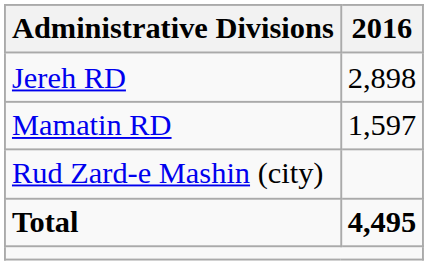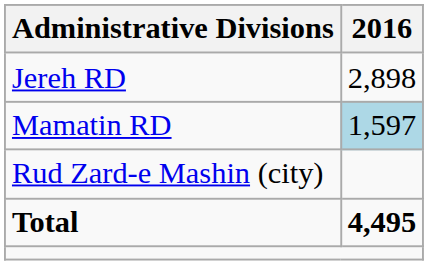 <table class="wikitable">
 <tr>
 <th>Administrative Divisions</th>
 <th>2016</th>
 </tr>
 <tr>
 <td><a href='#'>Jereh RD</a></td>
 <td style="text-align: right;">2,898</td>
 </tr>
 <tr>
 <td><a href='#'>Mamatin RD</a></td>
-<td style="text-align: right;">1,597</td>
+<td style="background: lightblue; text-align: right;">1,597</td>
 </tr>
 <tr>
 <td><a href='#'>Rud Zard-e Mashin</a> (city)</td>
 <td style="text-align: right;"></td>
 </tr>
 <tr>
 <td><strong>Total</strong></td>
 <td style="text-align: right;"><strong>4,495</strong></td>
 </tr>
 <tr>
 <td colspan=2></td>
 </tr>
 </table>
